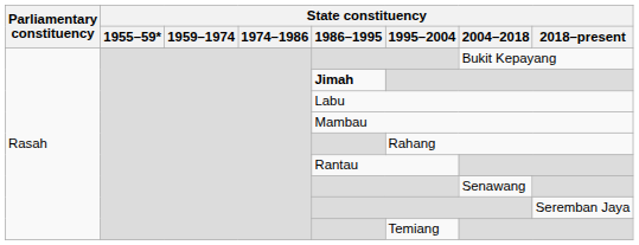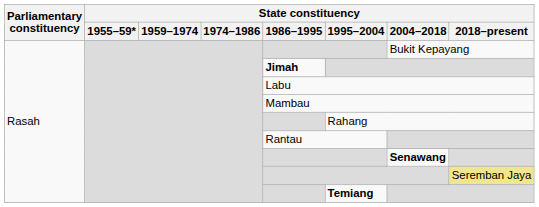 <table class="wikitable">
 <tr>
 <th rowspan="2">Parliamentary<br>constituency</th>
 <th colspan="7">State constituency</th>
 </tr>
 <tr>
 <th>1955–59*</th>
 <th>1959–1974</th>
 <th>1974–1986</th>
 <th>1986–1995</th>
 <th>1995–2004</th>
 <th>2004–2018</th>
 <th>2018–present</th>
 </tr>
 <tr>
 <td rowspan="9">Rasah</td>
 <td colspan="3" rowspan="9" bgcolor="dcdcdc"></td>
 <td colspan="2" bgcolor="dcdcdc"></td>
 <td colspan="2">Bukit Kepayang</td>
 </tr>
 <tr>
 <td><strong>Jimah</strong></td>
 <td colspan="3" bgcolor="dcdcdc"></td>
 </tr>
 <tr>
 <td colspan="4">Labu</td>
 </tr>
 <tr>
 <td colspan="4">Mambau</td>
 </tr>
 <tr>
 <td bgcolor="dcdcdc"></td>
 <td colspan="3">Rahang</td>
 </tr>
 <tr>
 <td colspan="2">Rantau</td>
 <td colspan="2" bgcolor="dcdcdc"></td>
 </tr>
 <tr>
 <td colspan="2" bgcolor="dcdcdc"></td>
-<td>Senawang</td>
+<td><strong>Senawang</strong></td>
 <td bgcolor="dcdcdc"></td>
 </tr>
 <tr>
 <td colspan="3" bgcolor="dcdcdc"></td>
-<td>Seremban Jaya</td>
+<td style="background: khaki;">Seremban Jaya</td>
 </tr>
 <tr>
 <td bgcolor="dcdcdc"></td>
-<td>Temiang</td>
+<td><strong>Temiang</strong></td>
 <td colspan="2" bgcolor="dcdcdc"></td>
 </tr>
 </table>
